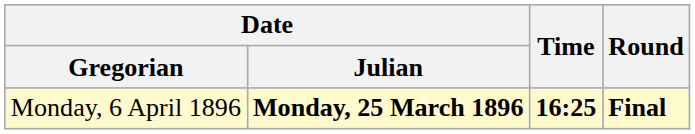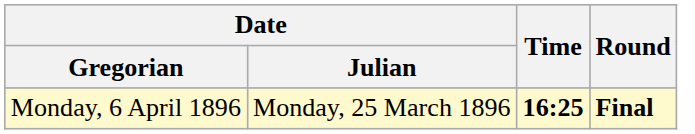 <table class="wikitable">
 <tr>
 <th colspan=2>Date</th>
 <th rowspan=2>Time</th>
 <th rowspan=2>Round</th>
 </tr>
 <tr>
 <th>Gregorian</th>
 <th>Julian</th>
 </tr>
 <tr style=background:lemonchiffon>
 <td>Monday, 6 April 1896</td>
-<td><strong>Monday, 25 March 1896</strong></td>
+<td>Monday, 25 March 1896</td>
 <td><strong>16:25</strong></td>
 <td><strong>Final</strong></td>
 </tr>
 </table>
